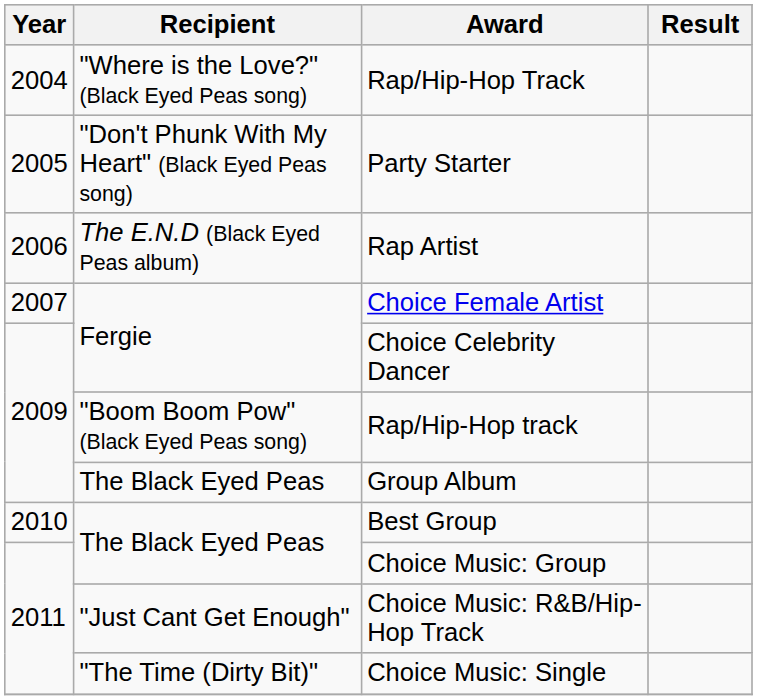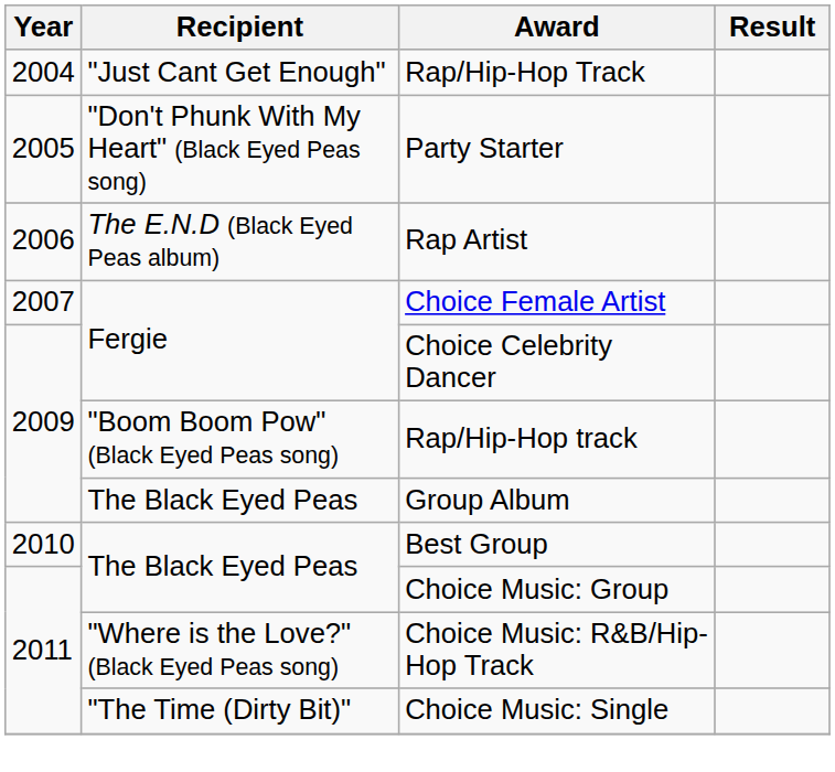 <table style="width: 75%;" class="wikitable">
 <tr>
 <th style="width:6%;">Year</th>
 <th style="width:40%;">Recipient</th>
 <th style="width:40%;">Award</th>
 <th style="width:14%;">Result</th>
 </tr>
 <tr>
 <td>2004</td>
-<td>"Where is the Love?" <small>(Black Eyed Peas song)</small></td>
+<td>"Just Cant Get Enough"</td>
 <td>Rap/Hip-Hop Track</td>
 <td></td>
 </tr>
 <tr>
 <td>2005</td>
 <td>"Don't Phunk With My Heart" <small>(Black Eyed Peas song)</small></td>
 <td>Party Starter</td>
 <td></td>
 </tr>
 <tr>
 <td>2006</td>
 <td><em>The E.N.D</em> <small>(Black Eyed Peas album)</small></td>
 <td>Rap Artist</td>
 <td></td>
 </tr>
 <tr>
 <td rowspan="1" style="text-align:center;">2007</td>
 <td rowspan="2" style="text-align:left;">Fergie</td>
 <td><a href='#'>Choice Female Artist</a></td>
 <td></td>
 </tr>
 <tr>
 <td rowspan="3" style="text-align:center;">2009</td>
 <td>Choice Celebrity Dancer</td>
 <td></td>
 </tr>
 <tr>
 <td>"Boom Boom Pow" <small>(Black Eyed Peas song)</small></td>
 <td>Rap/Hip-Hop track</td>
 <td></td>
 </tr>
 <tr>
 <td>The Black Eyed Peas</td>
 <td>Group Album</td>
 <td></td>
 </tr>
 <tr>
 <td>2010</td>
 <td rowspan=2>The Black Eyed Peas</td>
 <td>Best Group</td>
 <td></td>
 </tr>
 <tr>
 <td rowspan=3>2011</td>
 <td>Choice Music: Group</td>
 <td></td>
 </tr>
 <tr>
-<td>"Just Cant Get Enough"</td>
+<td>"Where is the Love?" <small>(Black Eyed Peas song)</small></td>
 <td>Choice Music: R&B/Hip-Hop Track</td>
 <td></td>
 </tr>
 <tr>
 <td>"The Time (Dirty Bit)"</td>
 <td>Choice Music: Single</td>
 <td></td>
 </tr>
 <tr>
 </tr>
 </table>
